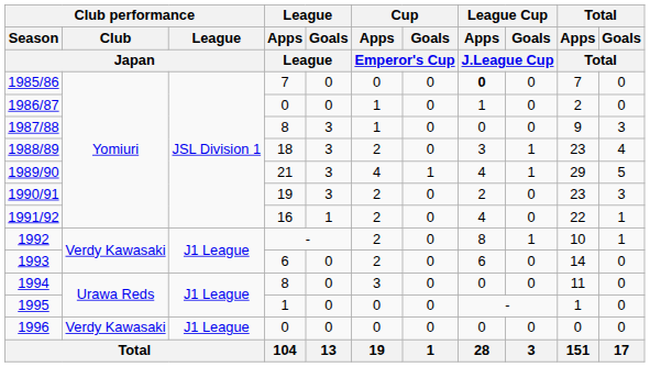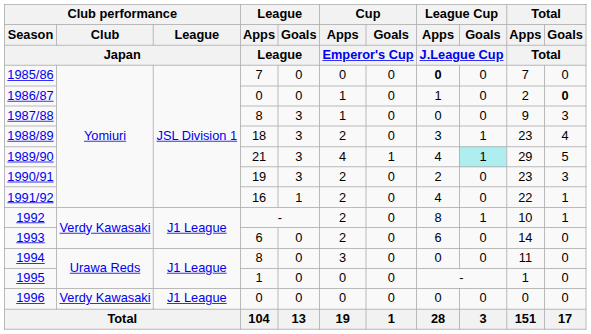 <table class="wikitable" style="text-align:center;">
 <tr>
 <th colspan=3>Club performance</th>
 <th colspan=2>League</th>
 <th colspan=2>Cup</th>
 <th colspan=2>League Cup</th>
 <th colspan=2>Total</th>
 </tr>
 <tr>
 <th>Season</th>
 <th>Club</th>
 <th>League</th>
 <th>Apps</th>
 <th>Goals</th>
 <th>Apps</th>
 <th>Goals</th>
 <th>Apps</th>
 <th>Goals</th>
 <th>Apps</th>
 <th>Goals</th>
 </tr>
 <tr>
 <th colspan=3>Japan</th>
 <th colspan=2>League</th>
 <th colspan=2><a href='#'>Emperor's Cup</a></th>
 <th colspan=2><a href='#'>J.League Cup</a></th>
 <th colspan=2>Total</th>
 </tr>
 <tr>
 <td><a href='#'>1985/86</a></td>
 <td rowspan=7><a href='#'>Yomiuri</a></td>
 <td rowspan=7><a href='#'>JSL Division 1</a></td>
 <td>7</td>
 <td>0</td>
 <td>0</td>
 <td>0</td>
 <td><strong>0</strong></td>
 <td>0</td>
 <td>7</td>
 <td>0</td>
 </tr>
 <tr>
 <td><a href='#'>1986/87</a></td>
 <td>0</td>
 <td>0</td>
 <td>1</td>
 <td>0</td>
 <td>1</td>
 <td>0</td>
 <td>2</td>
-<td>0</td>
+<td><strong>0</strong></td>
 </tr>
 <tr>
 <td><a href='#'>1987/88</a></td>
 <td>8</td>
 <td>3</td>
 <td>1</td>
 <td>0</td>
 <td>0</td>
 <td>0</td>
 <td>9</td>
 <td>3</td>
 </tr>
 <tr>
 <td><a href='#'>1988/89</a></td>
 <td>18</td>
 <td>3</td>
 <td>2</td>
 <td>0</td>
 <td>3</td>
 <td>1</td>
 <td>23</td>
 <td>4</td>
 </tr>
 <tr>
 <td><a href='#'>1989/90</a></td>
 <td>21</td>
 <td>3</td>
 <td>4</td>
 <td>1</td>
 <td>4</td>
-<td>1</td>
+<td style="background: paleturquoise;">1</td>
 <td>29</td>
 <td>5</td>
 </tr>
 <tr>
 <td><a href='#'>1990/91</a></td>
 <td>19</td>
 <td>3</td>
 <td>2</td>
 <td>0</td>
 <td>2</td>
 <td>0</td>
 <td>23</td>
 <td>3</td>
 </tr>
 <tr>
 <td><a href='#'>1991/92</a></td>
 <td>16</td>
 <td>1</td>
 <td>2</td>
 <td>0</td>
 <td>4</td>
 <td>0</td>
 <td>22</td>
 <td>1</td>
 </tr>
 <tr>
 <td><a href='#'>1992</a></td>
 <td rowspan=2><a href='#'>Verdy Kawasaki</a></td>
 <td rowspan=2><a href='#'>J1 League</a></td>
 <td colspan=2>-</td>
 <td>2</td>
 <td>0</td>
 <td>8</td>
 <td>1</td>
 <td>10</td>
 <td>1</td>
 </tr>
 <tr>
 <td><a href='#'>1993</a></td>
 <td>6</td>
 <td>0</td>
 <td>2</td>
 <td>0</td>
 <td>6</td>
 <td>0</td>
 <td>14</td>
 <td>0</td>
 </tr>
 <tr>
 <td><a href='#'>1994</a></td>
 <td rowspan=2><a href='#'>Urawa Reds</a></td>
 <td rowspan=2><a href='#'>J1 League</a></td>
 <td>8</td>
 <td>0</td>
 <td>3</td>
 <td>0</td>
 <td>0</td>
 <td>0</td>
 <td>11</td>
 <td>0</td>
 </tr>
 <tr>
 <td><a href='#'>1995</a></td>
 <td>1</td>
 <td>0</td>
 <td>0</td>
 <td>0</td>
 <td colspan=2>-</td>
 <td>1</td>
 <td>0</td>
 </tr>
 <tr>
 <td><a href='#'>1996</a></td>
 <td><a href='#'>Verdy Kawasaki</a></td>
 <td><a href='#'>J1 League</a></td>
 <td>0</td>
 <td>0</td>
 <td>0</td>
 <td>0</td>
 <td>0</td>
 <td>0</td>
 <td>0</td>
 <td>0</td>
 </tr>
 <tr>
 <th colspan=3>Total</th>
 <th>104</th>
 <th>13</th>
 <th>19</th>
 <th>1</th>
 <th>28</th>
 <th>3</th>
 <th>151</th>
 <th>17</th>
 </tr>
 </table>
